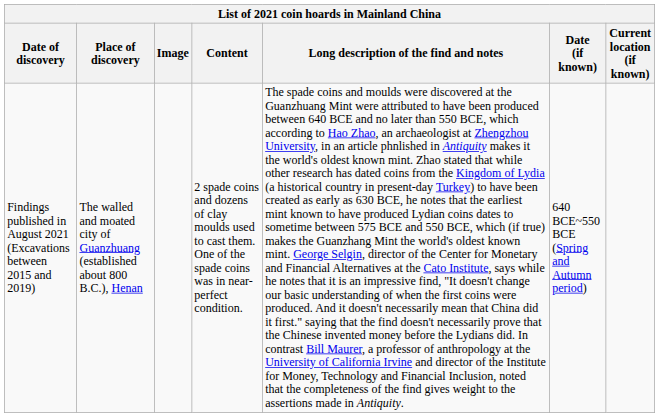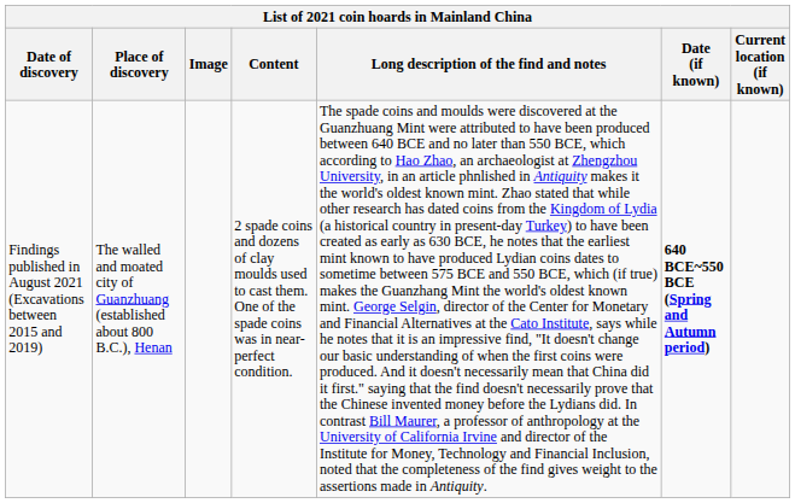 <table class="wikitable" style="font-size: 100%">
 <tr>
 <th colspan=7>List of 2021 coin hoards in Mainland China</th>
 </tr>
 <tr>
 <th>Date of discovery</th>
 <th>Place of discovery</th>
 <th>Image</th>
 <th>Content</th>
 <th>Long description of the find and notes</th>
 <th>Date<br>(if known)</th>
 <th>Current location<br>(if known)</th>
 </tr>
 <tr>
 <td>Findings published in August 2021<br>(Excavations between 2015 and 2019)</td>
 <td>The walled and moated city of <a href='#'>Guanzhuang</a> (established about 800 B.C.), <a href='#'>Henan</a></td>
 <td></td>
 <td>2 spade coins and dozens of clay moulds used to cast them. One of the spade coins was in near-perfect condition.</td>
 <td>The spade coins and moulds were discovered at the Guanzhuang Mint were attributed to have been produced between 640 BCE and no later than 550 BCE, which according to <a href='#'>Hao Zhao</a>, an archaeologist at <a href='#'>Zhengzhou University</a>, in an article phnlished in <em><a href='#'>Antiquity</a></em> makes it the world's oldest known mint. Zhao stated that while other research has dated coins from the <a href='#'>Kingdom of Lydia</a> (a historical country in present-day <a href='#'>Turkey</a>) to have been created as early as 630 BCE, he notes that the earliest mint known to have produced Lydian coins dates to sometime between 575 BCE and 550 BCE, which (if true) makes the Guanzhang Mint the world's oldest known mint. <a href='#'>George Selgin</a>, director of the Center for Monetary and Financial Alternatives at the <a href='#'>Cato Institute</a>, says while he notes that it is an impressive find, "It doesn't change our basic understanding of when the first coins were produced. And it doesn't necessarily mean that China did it first." saying that the find doesn't necessarily prove that the Chinese invented money before the Lydians did. In contrast <a href='#'>Bill Maurer</a>, a professor of anthropology at the <a href='#'>University of California Irvine</a> and director of the Institute for Money, Technology and Financial Inclusion, noted that the completeness of the find gives weight to the assertions made in <em>Antiquity</em>.</td>
-<td>640 BCE~550 BCE<br>(<a href='#'>Spring and Autumn period</a>)</td>
+<td><strong>640 BCE~550 BCE<br>(<a href='#'>Spring and Autumn period</a>)</strong></td>
 <td></td>
 </tr>
 </table>
